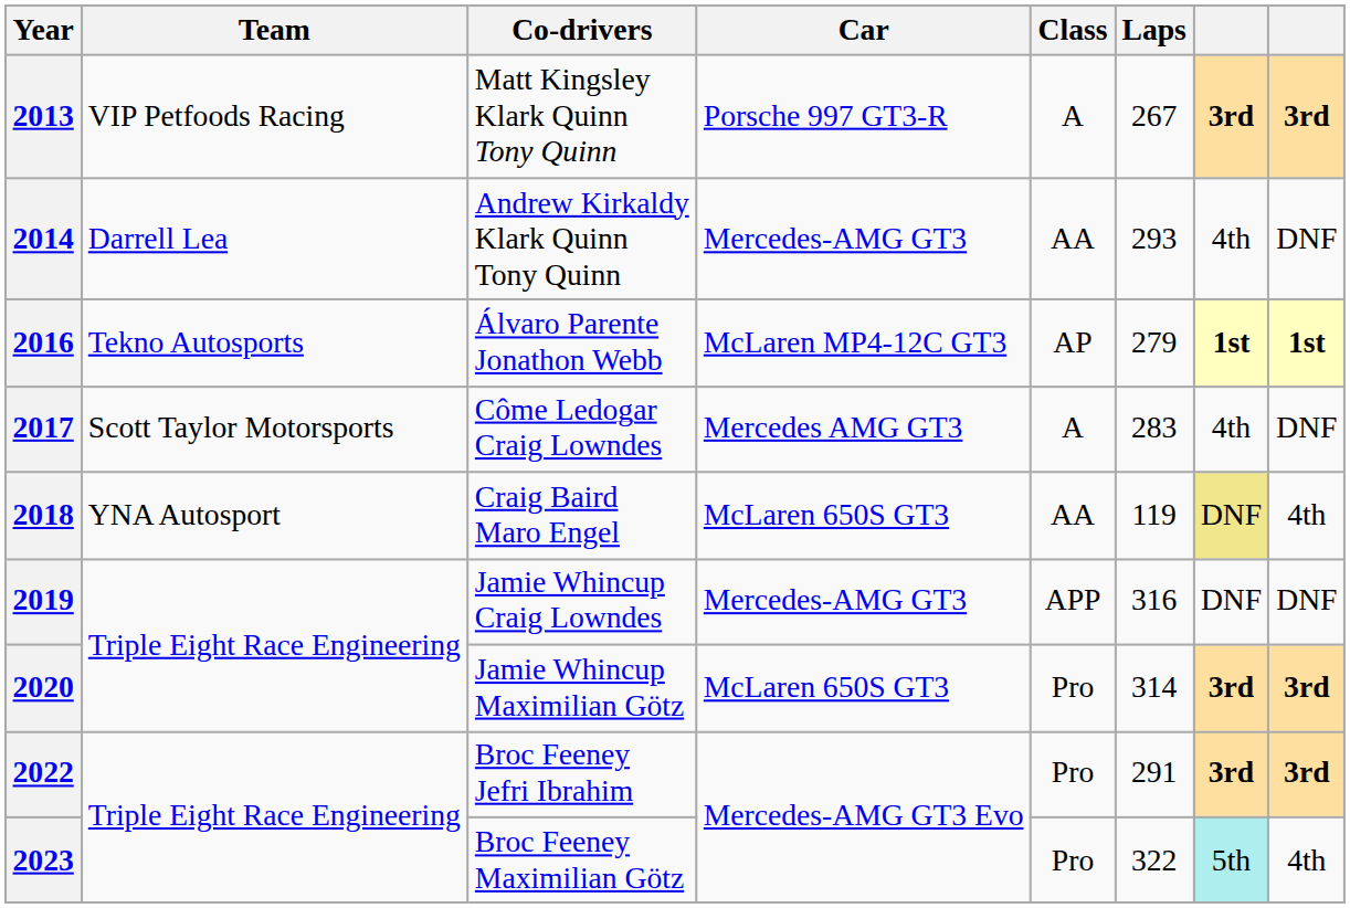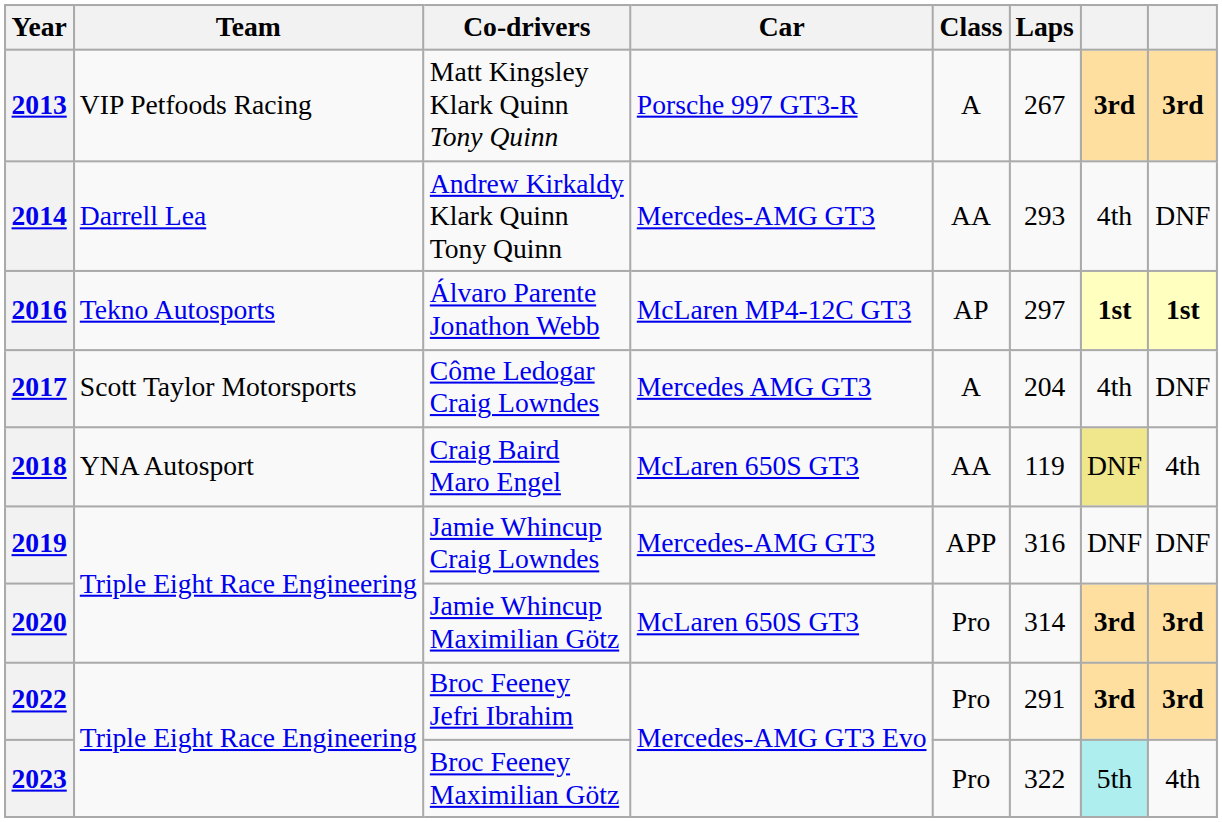 <table class="wikitable" style="font-size:85%; text-align:center">
 <tr>
 <th>Year</th>
 <th>Team</th>
 <th>Co-drivers</th>
 <th>Car</th>
 <th>Class</th>
 <th>Laps</th>
 <th></th>
 <th></th>
 </tr>
 <tr>
 <th><a href='#'>2013</a></th>
 <td align="left">VIP Petfoods Racing</td>
 <td align="left"> Matt Kingsley<br> Klark Quinn<br> <em>Tony Quinn</em></td>
 <td align="left"><a href='#'>Porsche 997 GT3-R</a></td>
 <td>A</td>
 <td>267</td>
 <td style="background:#ffdf9f"><strong>3rd</strong></td>
 <td style="background:#ffdf9f"><strong>3rd</strong></td>
 </tr>
 <tr>
 <th><a href='#'>2014</a></th>
 <td align="left"><a href='#'>Darrell Lea</a></td>
 <td align="left"> <a href='#'>Andrew Kirkaldy</a><br> Klark Quinn<br> Tony Quinn</td>
 <td align="left"><a href='#'>Mercedes-AMG GT3</a></td>
 <td>AA</td>
 <td>293</td>
 <td>4th</td>
 <td>DNF</td>
 </tr>
 <tr>
 <th><a href='#'>2016</a></th>
 <td align="left"><a href='#'>Tekno Autosports</a></td>
 <td align="left"> <a href='#'>Álvaro Parente</a><br> <a href='#'>Jonathon Webb</a></td>
 <td align="left"><a href='#'>McLaren MP4-12C GT3</a></td>
 <td>AP</td>
-<td>279</td>
+<td>297</td>
 <td style="background:#ffffbf"><strong>1st</strong></td>
 <td style="background:#ffffbf"><strong>1st</strong></td>
 </tr>
 <tr>
 <th><a href='#'>2017</a></th>
 <td align="left">Scott Taylor Motorsports</td>
 <td align="left"> <a href='#'>Côme Ledogar</a><br> <a href='#'>Craig Lowndes</a></td>
 <td align="left"><a href='#'>Mercedes AMG GT3</a></td>
 <td>A</td>
-<td>283</td>
+<td>204</td>
 <td>4th</td>
 <td>DNF</td>
 </tr>
 <tr>
 <th><a href='#'>2018</a></th>
 <td align="left">YNA Autosport</td>
 <td align="left"> <a href='#'>Craig Baird</a><br> <a href='#'>Maro Engel</a></td>
 <td align="left"><a href='#'>McLaren 650S GT3</a></td>
 <td>AA</td>
 <td>119</td>
 <td style="background: khaki;">DNF</td>
 <td>4th</td>
 </tr>
 <tr>
 <th><a href='#'>2019</a></th>
 <td rowspan="2" align="left"> <a href='#'>Triple Eight Race Engineering</a></td>
 <td align="left"> <a href='#'>Jamie Whincup</a><br> <a href='#'>Craig Lowndes</a></td>
 <td align="left"><a href='#'>Mercedes-AMG GT3</a></td>
 <td>APP</td>
 <td>316</td>
 <td>DNF</td>
 <td>DNF</td>
 </tr>
 <tr>
 <th><a href='#'>2020</a></th>
 <td align="left"> <a href='#'>Jamie Whincup</a><br> <a href='#'>Maximilian Götz</a></td>
 <td align="left"><a href='#'>McLaren 650S GT3</a></td>
 <td>Pro</td>
 <td>314</td>
 <td style="background:#ffdf9f"><strong>3rd</strong></td>
 <td style="background:#ffdf9f"><strong>3rd</strong></td>
 </tr>
 <tr>
 <th><a href='#'>2022</a></th>
 <td rowspan="2" align="left"> <a href='#'>Triple Eight Race Engineering</a></td>
 <td align="left"> <a href='#'>Broc Feeney</a><br> <a href='#'>Jefri Ibrahim</a></td>
 <td rowspan="2" align="left"><a href='#'>Mercedes-AMG GT3 Evo</a></td>
 <td>Pro</td>
 <td>291</td>
 <td style="background:#ffdf9f"><strong>3rd</strong></td>
 <td style="background:#ffdf9f"><strong>3rd</strong></td>
 </tr>
 <tr>
 <th><a href='#'>2023</a></th>
 <td align="left"> <a href='#'>Broc Feeney</a><br> <a href='#'>Maximilian Götz</a></td>
 <td>Pro</td>
 <td>322</td>
 <td style="background: paleturquoise;">5th</td>
 <td>4th</td>
 </tr>
 </table>
